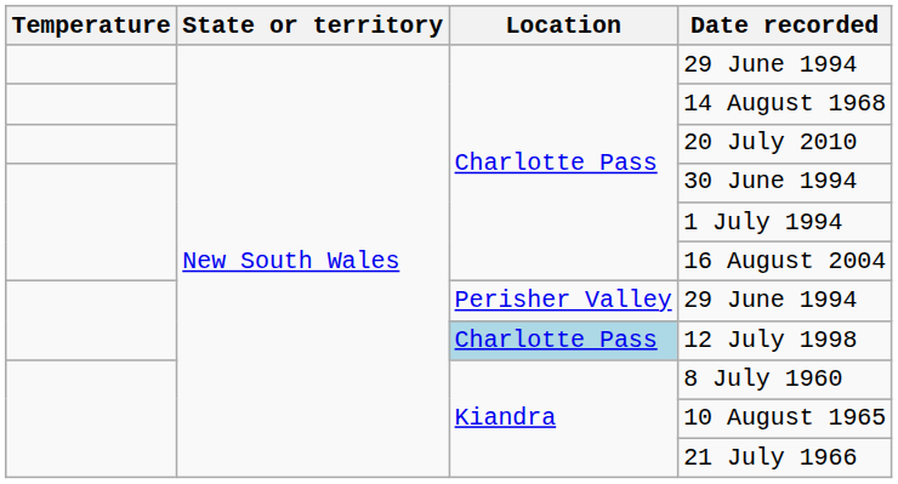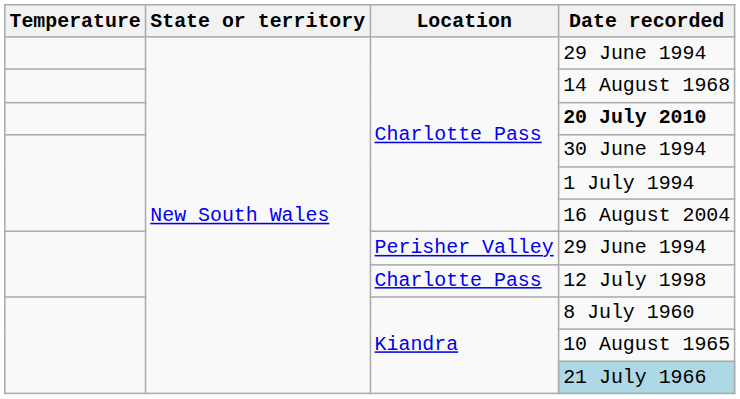 <table class="wikitable sortable">
 <tr>
 <th>Temperature</th>
 <th>State or territory</th>
 <th>Location</th>
 <th>Date recorded</th>
 </tr>
 <tr>
 <td></td>
 <td rowspan="11"><a href='#'>New South Wales</a></td>
 <td rowspan="6"><a href='#'>Charlotte Pass</a></td>
 <td>29 June 1994</td>
 </tr>
 <tr>
 <td></td>
 <td>14 August 1968</td>
 </tr>
 <tr>
 <td></td>
-<td>20 July 2010</td>
+<td><strong>20 July 2010</strong></td>
 </tr>
 <tr>
 <td rowspan="3"></td>
 <td>30 June 1994</td>
 </tr>
 <tr>
 <td>1 July 1994</td>
 </tr>
 <tr>
 <td>16 August 2004</td>
 </tr>
 <tr>
 <td rowspan="2"></td>
 <td><a href='#'>Perisher Valley</a></td>
 <td>29 June 1994</td>
 </tr>
 <tr>
-<td style="background: lightblue;"><a href='#'>Charlotte Pass</a></td>
+<td><a href='#'>Charlotte Pass</a></td>
 <td>12 July 1998</td>
 </tr>
 <tr>
 <td rowspan="3"></td>
 <td rowspan="3"><a href='#'>Kiandra</a></td>
 <td>8 July 1960</td>
 </tr>
 <tr>
 <td>10 August 1965</td>
 </tr>
 <tr>
-<td>21 July 1966</td>
+<td style="background: lightblue;">21 July 1966</td>
 </tr>
 </table>
